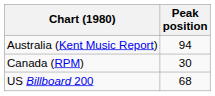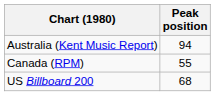 <table class="wikitable">
 <tr>
 <th scope="col">Chart (1980)</th>
 <th>Peak<br>position</th>
 </tr>
 <tr>
 <td>Australia (<a href='#'>Kent Music Report</a>)</td>
 <td style="text-align:center;">94</td>
 </tr>
 <tr>
 <td>Canada (<a href='#'>RPM</a>)</td>
-<td style="text-align:center;">30</td>
+<td style="text-align:center;">55</td>
 </tr>
 <tr>
 <td>US <a href='#'><em>Billboard</em> 200</a></td>
 <td style="text-align:center;">68</td>
 </tr>
 </table>
